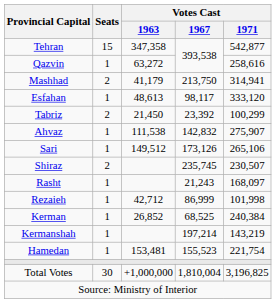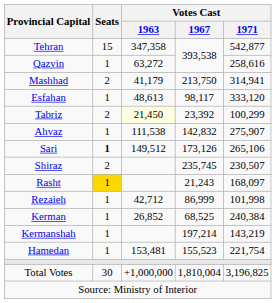 <table class="wikitable" style="font-size:100%;text-align:center;">
 <tr>
 <th rowspan="2">Provincial Capital</th>
 <th rowspan="2">Seats</th>
 <th colspan="3">Votes Cast</th>
 </tr>
 <tr>
 <th><a href='#'>1963</a></th>
 <th><a href='#'>1967</a></th>
 <th><a href='#'>1971</a></th>
 </tr>
 <tr>
 <td><a href='#'>Tehran</a></td>
 <td>15</td>
 <td>347,358</td>
 <td rowspan=2>393,538</td>
 <td>542,877</td>
 </tr>
 <tr>
 <td><a href='#'>Qazvin</a></td>
 <td>1</td>
 <td>63,272</td>
 <td>258,616</td>
 </tr>
 <tr>
 <td><a href='#'>Mashhad</a></td>
 <td>2</td>
 <td>41,179</td>
 <td>213,750</td>
 <td>314,941</td>
 </tr>
 <tr>
 <td><a href='#'>Esfahan</a></td>
 <td>1</td>
 <td>48,613</td>
 <td>98,117</td>
 <td>333,120</td>
 </tr>
 <tr>
 <td><a href='#'>Tabriz</a></td>
 <td>2</td>
-<td>21,450</td>
+<td style="background: lightyellow;">21,450</td>
 <td>23,392</td>
 <td>100,299</td>
 </tr>
 <tr>
 <td><a href='#'>Ahvaz</a></td>
 <td>1</td>
 <td>111,538</td>
 <td>142,832</td>
 <td>275,907</td>
 </tr>
 <tr>
 <td><a href='#'>Sari</a></td>
-<td>1</td>
+<td><strong>1</strong></td>
 <td>149,512</td>
 <td>173,126</td>
 <td>265,106</td>
 </tr>
 <tr>
 <td><a href='#'>Shiraz</a></td>
 <td>2</td>
 <td></td>
 <td>235,745</td>
 <td>230,507</td>
 </tr>
 <tr>
 <td><a href='#'>Rasht</a></td>
-<td>1</td>
+<td style="background: gold;">1</td>
 <td></td>
 <td>21,243</td>
 <td>168,097</td>
 </tr>
 <tr>
 <td><a href='#'>Rezaieh</a></td>
 <td>1</td>
 <td>42,712</td>
 <td>86,999</td>
 <td>101,998</td>
 </tr>
 <tr>
 <td><a href='#'>Kerman</a></td>
 <td>1</td>
 <td>26,852</td>
 <td>68,525</td>
 <td>240,384</td>
 </tr>
 <tr>
 <td><a href='#'>Kermanshah</a></td>
 <td>1</td>
 <td></td>
 <td>197,214</td>
 <td>143,219</td>
 </tr>
 <tr>
 <td><a href='#'>Hamedan</a></td>
 <td>1</td>
 <td>153,481</td>
 <td>155,523</td>
 <td>221,754</td>
 </tr>
 <tr>
 <td colspan="9" style="background:#E9E9E9;"></td>
 </tr>
 <tr>
 <td>Total Votes</td>
 <td>30</td>
 <td>+1,000,000</td>
 <td>1,810,004</td>
 <td>3,196,825</td>
 </tr>
 <tr>
 <td colspan=5>Source: Ministry of Interior</td>
 </tr>
 </table>
